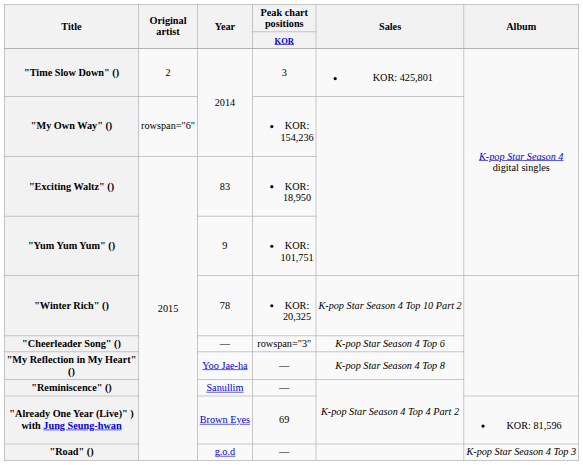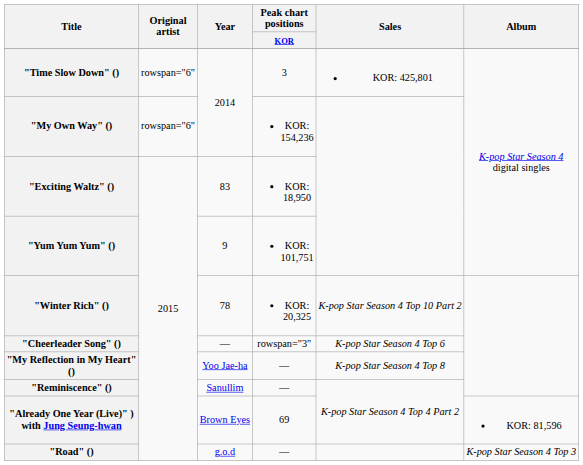 <table class="wikitable plainrowheaders" style="text-align:center;">
 <tr>
 <th scope="col" rowspan="2">Title</th>
 <th scope="col" rowspan="2">Original <br>artist</th>
 <th scope="col" rowspan="2">Year</th>
 <th scope="col" colspan="1" style="width:5em;">Peak chart positions</th>
 <th scope="col" rowspan="2">Sales</th>
 <th scope="col" rowspan="2">Album</th>
 </tr>
 <tr>
 <th><small><a href='#'>KOR</a></small><br></th>
 </tr>
 <tr>
 </tr>
 <tr>
 <th scope="row">"Time Slow Down" ()</th>
-<td>2</td>
+<td>rowspan="6" </td>
 <td rowspan="2">2014</td>
 <td>3</td>
 <td><br><ul><li>KOR: 425,801</li></ul></td>
 <td rowspan="4"><em><a href='#'>K-pop Star Season 4</a></em> <br>digital singles</td>
 </tr>
 <tr>
 <th scope="row">"My Own Way" ()</th>
 <td>rowspan="6" </td>
 <td><br><ul><li>KOR: 154,236</li></ul></td>
 </tr>
 <tr>
 <th scope="row">"Exciting Waltz" ()</th>
 <td rowspan="8">2015</td>
 <td>83</td>
 <td><br><ul><li>KOR: 18,950</li></ul></td>
 </tr>
 <tr>
 <th scope="row">"Yum Yum Yum" ()</th>
 <td>9</td>
 <td><br><ul><li>KOR: 101,751</li></ul></td>
 </tr>
 <tr>
 <th scope="row">"Winter Rich" ()</th>
 <td>78</td>
 <td><br><ul><li>KOR: 20,325</li></ul></td>
 <td><em>K-pop Star Season 4 Top 10 Part 2</em></td>
 </tr>
 <tr>
 <th scope="row">"Cheerleader Song" ()</th>
 <td>—</td>
 <td>rowspan="3" </td>
 <td><em>K-pop Star Season 4 Top 6</em></td>
 </tr>
 <tr>
 <th scope="row">"My Reflection in My Heart" <br>()</th>
 <td><a href='#'>Yoo Jae-ha</a></td>
 <td>—</td>
 <td><em>K-pop Star Season 4 Top 8</em></td>
 </tr>
 <tr>
 <th scope="row">"Reminiscence" ()</th>
 <td><a href='#'>Sanullim</a></td>
 <td>—</td>
 <td rowspan="2"><em>K-pop Star Season 4 Top 4 Part 2</em></td>
 </tr>
 <tr>
 <th scope="row">"Already One Year (Live)" ) <br>with <a href='#'>Jung Seung-hwan</a></th>
 <td><a href='#'>Brown Eyes</a></td>
 <td>69</td>
 <td><br><ul><li>KOR: 81,596</li></ul></td>
 </tr>
 <tr>
 <th scope="row">"Road" ()</th>
 <td><a href='#'>g.o.d</a></td>
 <td>—</td>
 <td></td>
 <td><em>K-pop Star Season 4 Top 3</em></td>
 </tr>
 </table>
